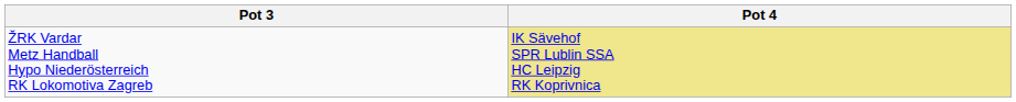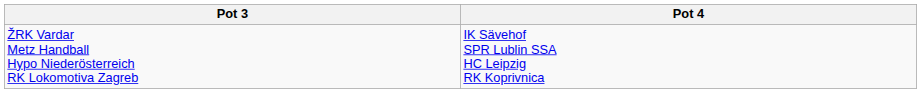 <table class="wikitable">
 <tr>
 <th width=15%>Pot 3</th>
 <th width=15%>Pot 4</th>
 </tr>
 <tr>
 <td valign="top"> <a href='#'>ŽRK Vardar</a><br> <a href='#'>Metz Handball</a><br> <a href='#'>Hypo Niederösterreich</a><br> <a href='#'>RK Lokomotiva Zagreb</a></td>
-<td valign="top" style="background: khaki;"> <a href='#'>IK Sävehof</a><br> <a href='#'>SPR Lublin SSA</a><br> <a href='#'>HC Leipzig</a><br> <a href='#'>RK Koprivnica</a></td>
+<td valign="top"> <a href='#'>IK Sävehof</a><br> <a href='#'>SPR Lublin SSA</a><br> <a href='#'>HC Leipzig</a><br> <a href='#'>RK Koprivnica</a></td>
 </tr>
 </table>
